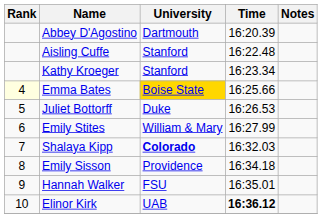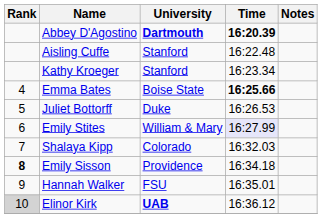 <table class="wikitable sortable" style="text-align:center">
 <tr>
 <th>Rank</th>
 <th>Name</th>
 <th>University</th>
 <th>Time</th>
 <th>Notes</th>
 </tr>
 <tr>
 <td></td>
 <td align=left><a href='#'>Abbey D'Agostino</a></td>
-<td align=left><a href='#'>Dartmouth</a></td>
-<td>16:20.39</td>
+<td align=left><strong><a href='#'>Dartmouth</a></strong></td>
+<td><strong>16:20.39</strong></td>
 <td></td>
 </tr>
 <tr>
 <td></td>
 <td align=left><a href='#'>Aisling Cuffe</a></td>
 <td align=left><a href='#'>Stanford</a></td>
 <td>16:22.48</td>
 <td></td>
 </tr>
 <tr>
 <td></td>
 <td align=left><a href='#'>Kathy Kroeger</a></td>
 <td align=left><a href='#'>Stanford</a></td>
 <td>16:23.34</td>
 <td></td>
 </tr>
 <tr>
-<td style="background: lightyellow;">4</td>
+<td>4</td>
 <td align=left><a href='#'>Emma Bates</a></td>
-<td align=left style="background: gold;"><a href='#'>Boise State</a></td>
-<td>16:25.66</td>
+<td align=left><a href='#'>Boise State</a></td>
+<td><strong>16:25.66</strong></td>
 <td></td>
 </tr>
 <tr>
 <td>5</td>
 <td align=left><a href='#'>Juliet Bottorff</a></td>
 <td align=left><a href='#'>Duke</a></td>
 <td>16:26.53</td>
 <td></td>
 </tr>
 <tr>
 <td>6</td>
 <td align=left><a href='#'>Emily Stites</a></td>
 <td align=left><a href='#'>William & Mary</a></td>
-<td>16:27.99</td>
+<td style="background: lavender;">16:27.99</td>
 <td></td>
 </tr>
 <tr>
 <td>7</td>
 <td align=left><a href='#'>Shalaya Kipp</a></td>
-<td align=left><strong><a href='#'>Colorado</a></strong></td>
+<td align=left><a href='#'>Colorado</a></td>
 <td>16:32.03</td>
 <td></td>
 </tr>
 <tr>
-<td>8</td>
+<td><strong>8</strong></td>
 <td align=left><a href='#'>Emily Sisson</a></td>
 <td align=left><a href='#'>Providence</a></td>
 <td>16:34.18</td>
 <td></td>
 </tr>
 <tr>
 <td>9</td>
 <td align=left><a href='#'>Hannah Walker</a></td>
 <td align=left><a href='#'>FSU</a></td>
 <td>16:35.01</td>
 <td></td>
 </tr>
 <tr>
-<td>10</td>
+<td style="background: lightgrey;">10</td>
 <td align=left><a href='#'>Elinor Kirk</a></td>
-<td align=left><a href='#'>UAB</a></td>
-<td><strong>16:36.12</strong></td>
+<td align=left><strong><a href='#'>UAB</a></strong></td>
+<td>16:36.12</td>
 <td></td>
 </tr>
 <tr>
 </tr>
 </table>
